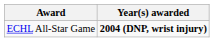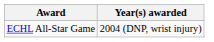 <table class="wikitable">
 <tr>
 <th>Award</th>
 <th>Year(s) awarded</th>
 </tr>
 <tr>
 <td><a href='#'>ECHL</a> All-Star Game</td>
-<td><strong>2004 (DNP, wrist injury)</strong></td>
+<td>2004 (DNP, wrist injury)</td>
 </tr>
 </table>
